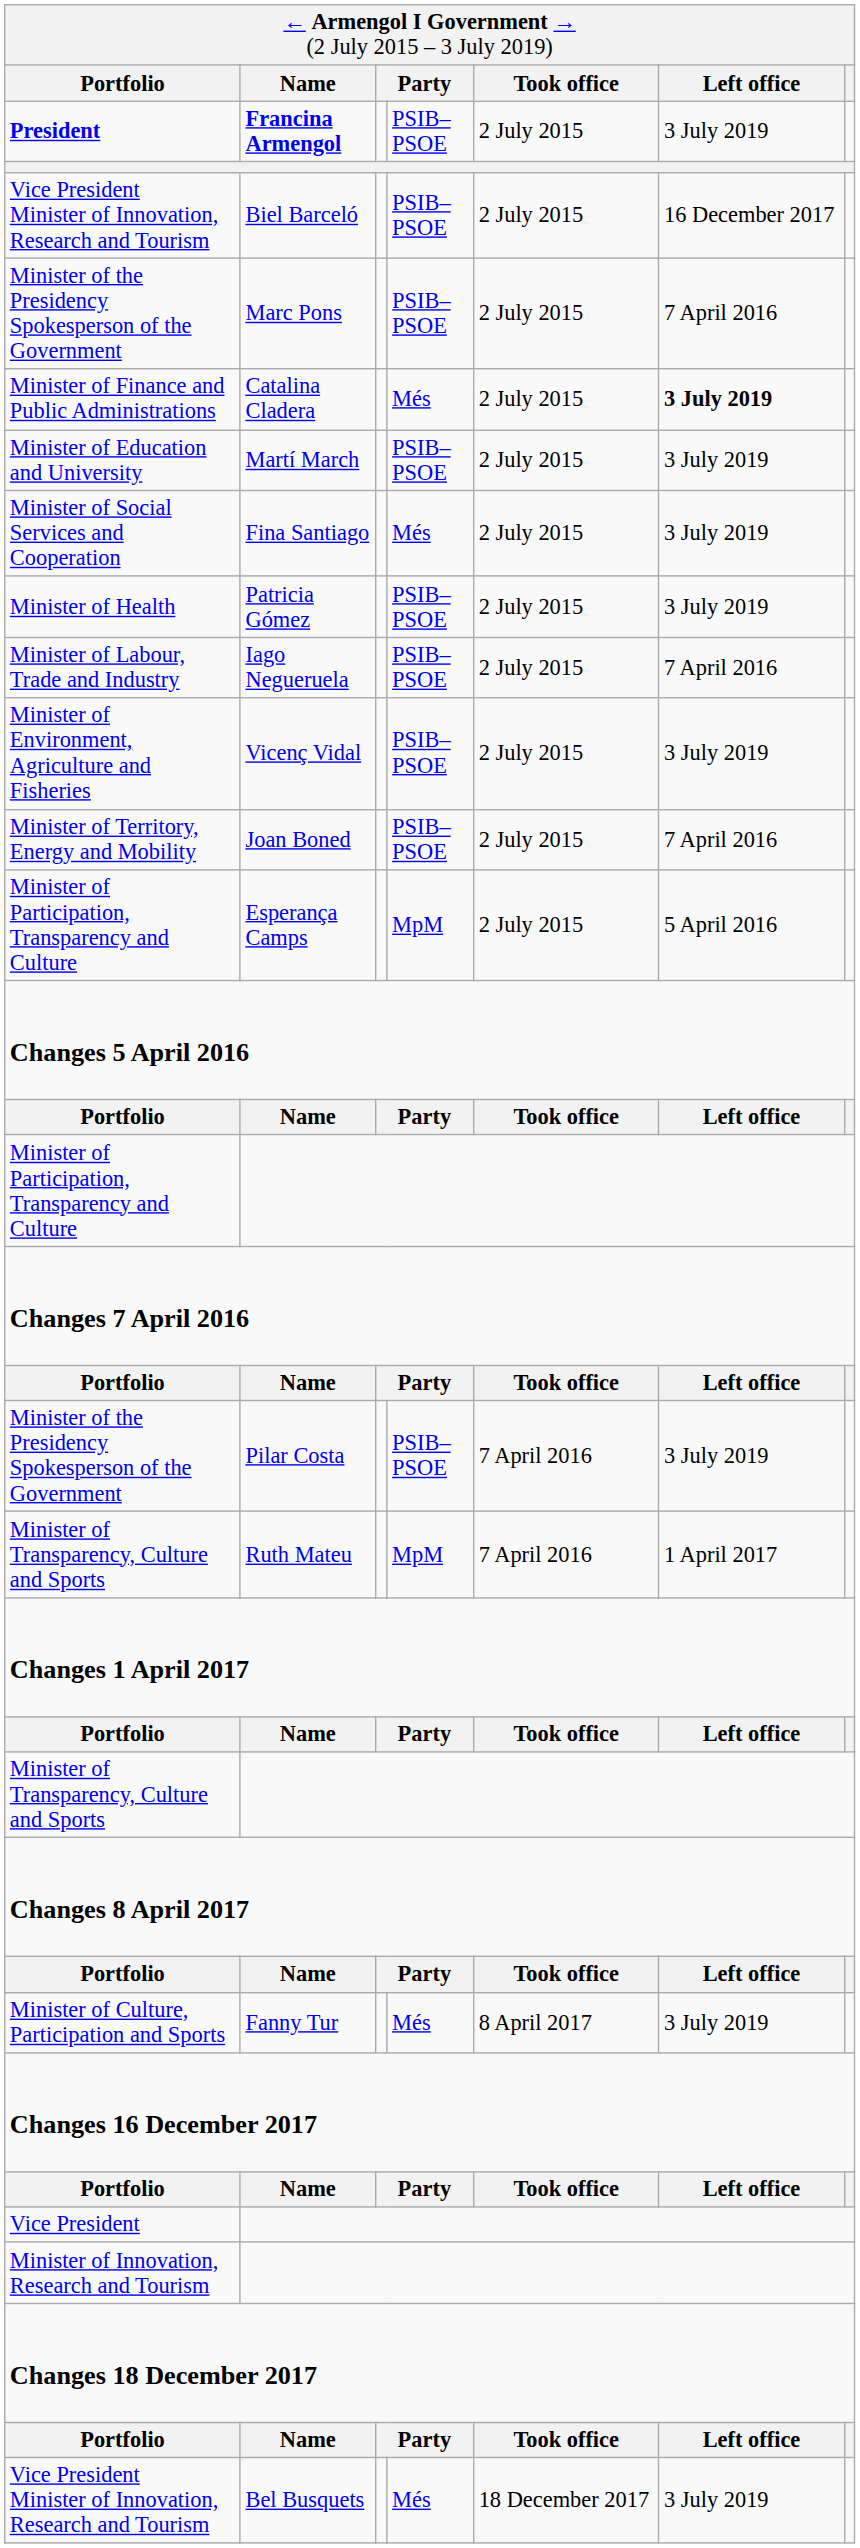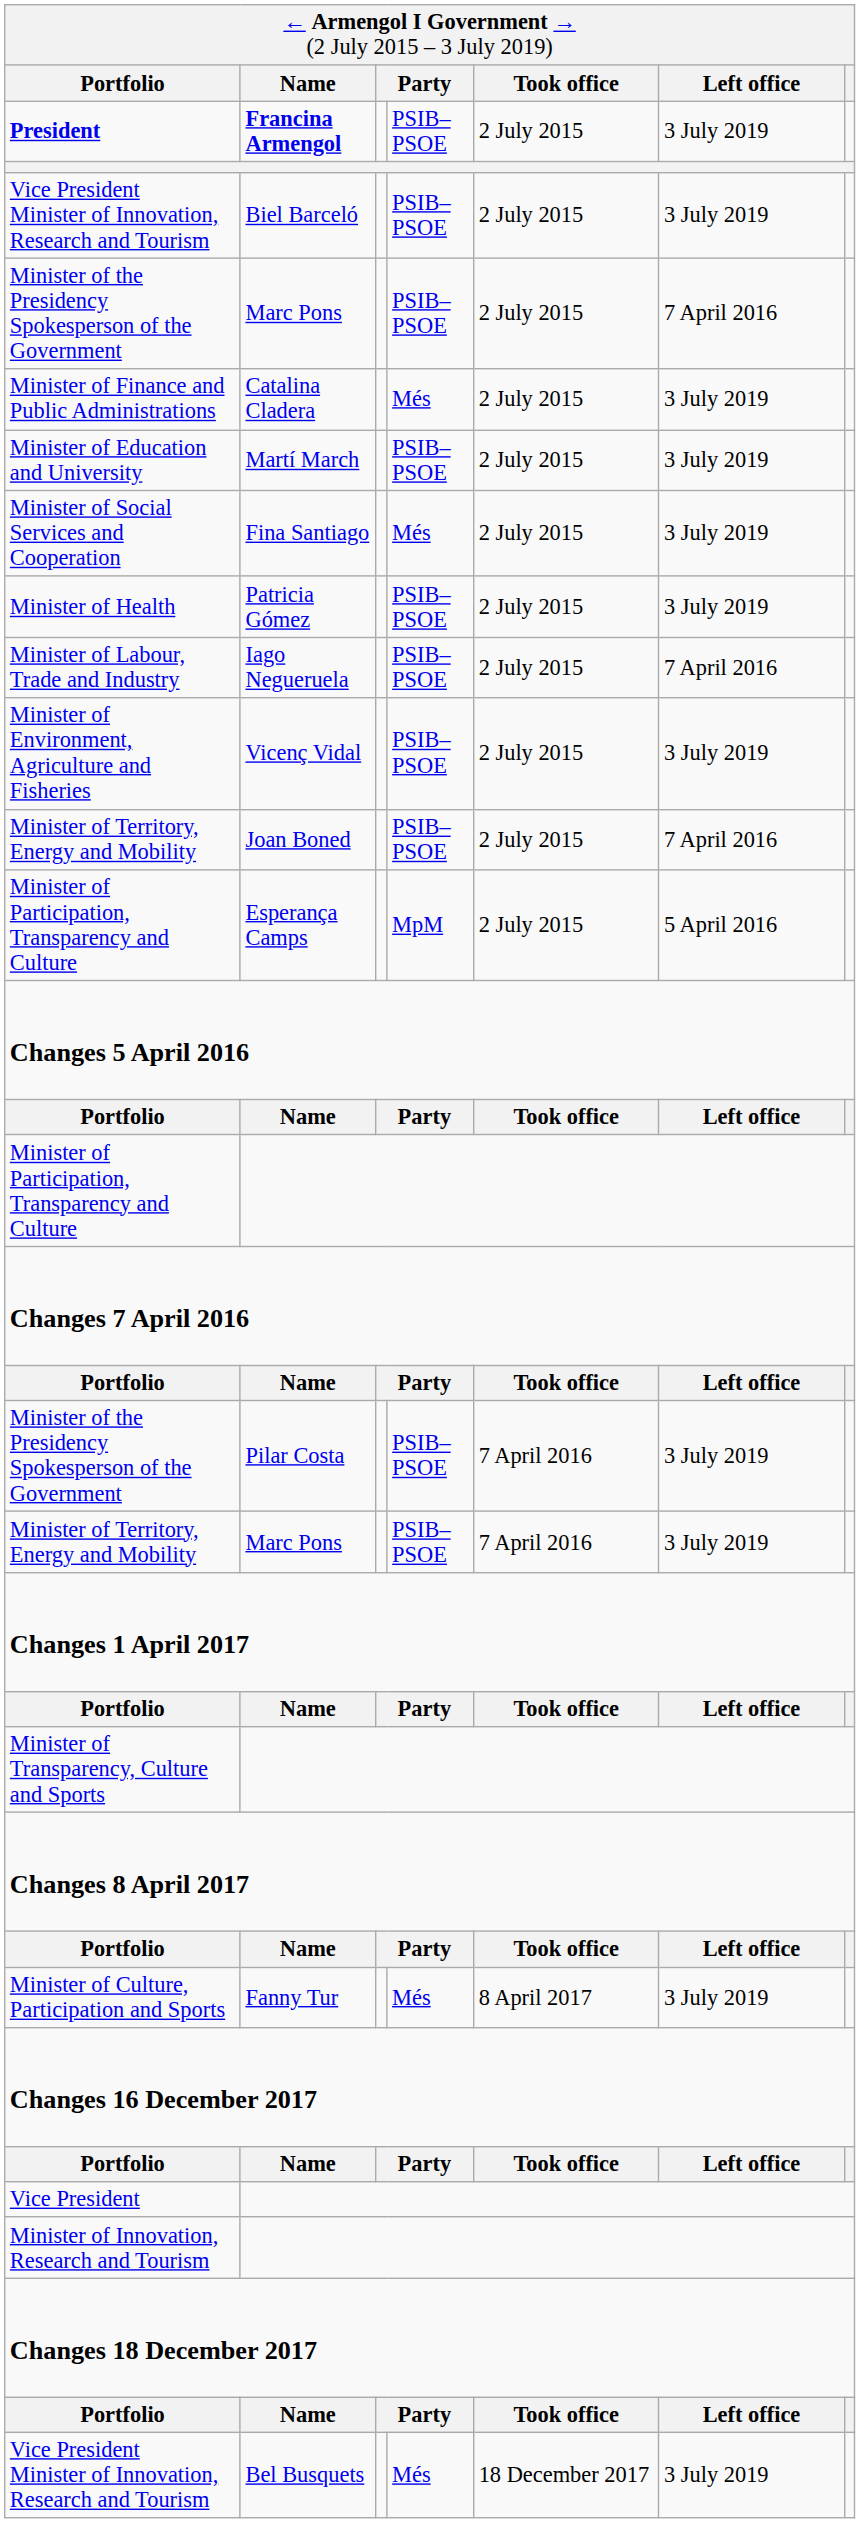 <table class="wikitable">
 <tr>
 <td colspan="7" bgcolor="#F2F2F2" align="center"><a href='#'>←</a> <strong>Armengol I Government</strong> <a href='#'>→</a><br>(2 July 2015 – 3 July 2019)</td>
 </tr>
 <tr>
 <th>Portfolio</th>
 <th>Name</th>
 <th width="100px" colspan="2">Party</th>
 <th width="125px">Took office</th>
 <th width="125px">Left office</th>
 <th></th>
 </tr>
 <tr>
 <td><strong><a href='#'>President</a></strong></td>
 <td><strong><a href='#'>Francina Armengol</a></strong></td>
 <td width="1" style="background-color:"></td>
 <td><a href='#'>PSIB–PSOE</a></td>
 <td>2 July 2015</td>
 <td>3 July 2019</td>
 <td align="center"></td>
 </tr>
 <tr>
 <th colspan="7"></th>
 </tr>
 <tr>
 <td><a href='#'>Vice President</a><br><a href='#'>Minister of Innovation, Research and Tourism</a></td>
 <td><a href='#'>Biel Barceló</a></td>
 <td style="background-color:"></td>
 <td><a href='#'>PSIB–PSOE</a></td>
 <td>2 July 2015</td>
-<td>16 December 2017</td>
+<td>3 July 2019</td>
 <td align="center"></td>
 </tr>
 <tr>
 <td><a href='#'>Minister of the Presidency</a><br><a href='#'>Spokesperson of the Government</a></td>
 <td><a href='#'>Marc Pons</a></td>
 <td style="background-color:"></td>
 <td><a href='#'>PSIB–PSOE</a></td>
 <td>2 July 2015</td>
 <td>7 April 2016</td>
 <td align="center"></td>
 </tr>
 <tr>
 <td><a href='#'>Minister of Finance and Public Administrations</a></td>
 <td><a href='#'>Catalina Cladera</a></td>
 <td style="background-color:"></td>
 <td><a href='#'>Més</a></td>
 <td>2 July 2015</td>
-<td><strong>3 July 2019</strong></td>
+<td>3 July 2019</td>
 <td align="center"></td>
 </tr>
 <tr>
 <td><a href='#'>Minister of Education and University</a></td>
 <td><a href='#'>Martí March</a></td>
 <td style="background-color:"></td>
 <td><a href='#'>PSIB–PSOE</a> </td>
 <td>2 July 2015</td>
 <td>3 July 2019</td>
 <td align="center"></td>
 </tr>
 <tr>
 <td><a href='#'>Minister of Social Services and Cooperation</a></td>
 <td><a href='#'>Fina Santiago</a></td>
 <td style="background-color:"></td>
 <td><a href='#'>Més</a></td>
 <td>2 July 2015</td>
 <td>3 July 2019</td>
 <td align="center"></td>
 </tr>
 <tr>
 <td><a href='#'>Minister of Health</a></td>
 <td><a href='#'>Patricia Gómez</a></td>
 <td style="background-color:"></td>
 <td><a href='#'>PSIB–PSOE</a></td>
 <td>2 July 2015</td>
 <td>3 July 2019</td>
 <td align="center"></td>
 </tr>
 <tr>
 <td><a href='#'>Minister of Labour, Trade and Industry</a></td>
 <td><a href='#'>Iago Negueruela</a></td>
 <td style="background-color:"></td>
 <td><a href='#'>PSIB–PSOE</a></td>
 <td>2 July 2015</td>
 <td>7 April 2016</td>
 <td align="center"></td>
 </tr>
 <tr>
 <td><a href='#'>Minister of Environment, Agriculture and Fisheries</a></td>
 <td><a href='#'>Vicenç Vidal</a></td>
 <td style="background-color:"></td>
 <td><a href='#'>PSIB–PSOE</a></td>
 <td>2 July 2015</td>
 <td>3 July 2019</td>
 <td align="center"></td>
 </tr>
 <tr>
 <td><a href='#'>Minister of Territory, Energy and Mobility</a></td>
 <td><a href='#'>Joan Boned</a></td>
 <td style="background-color:"></td>
 <td><a href='#'>PSIB–PSOE</a></td>
 <td>2 July 2015</td>
 <td>7 April 2016</td>
 <td align="center"></td>
 </tr>
 <tr>
 <td><a href='#'>Minister of Participation, Transparency and Culture</a></td>
 <td><a href='#'>Esperança Camps</a></td>
 <td style="background-color:"></td>
 <td><a href='#'>MpM</a> </td>
 <td>2 July 2015</td>
 <td>5 April 2016</td>
 <td align="center"></td>
 </tr>
 <tr>
 <td colspan="7"><br><h3>Changes 5 April 2016</h3></td>
 </tr>
 <tr>
 <th>Portfolio</th>
 <th>Name</th>
 <th colspan="2">Party</th>
 <th>Took office</th>
 <th>Left office</th>
 <th></th>
 </tr>
 <tr>
 <td><a href='#'>Minister of Participation, Transparency and Culture</a></td>
 <td colspan="6"></td>
 </tr>
 <tr>
 <td colspan="7"><br><h3>Changes 7 April 2016</h3></td>
 </tr>
 <tr>
 <th>Portfolio</th>
 <th>Name</th>
 <th colspan="2">Party</th>
 <th>Took office</th>
 <th>Left office</th>
 <th></th>
 </tr>
 <tr>
 <td><a href='#'>Minister of the Presidency</a><br><a href='#'>Spokesperson of the Government</a></td>
 <td><a href='#'>Pilar Costa</a></td>
 <td style="background-color:"></td>
 <td><a href='#'>PSIB–PSOE</a></td>
 <td>7 April 2016</td>
 <td>3 July 2019</td>
 <td align="center"></td>
 </tr>
 <tr>
-<td><a href='#'>Minister of Transparency, Culture and Sports</a></td>
-<td><a href='#'>Ruth Mateu</a></td>
+<td><a href='#'>Minister of Territory, Energy and Mobility</a></td>
+<td><a href='#'>Marc Pons</a></td>
 <td style="background-color:"></td>
-<td><a href='#'>MpM</a></td>
+<td><a href='#'>PSIB–PSOE</a></td>
 <td>7 April 2016</td>
-<td>1 April 2017</td>
+<td>3 July 2019</td>
 <td align="center"></td>
 </tr>
 <tr>
 <td colspan="7"><br><h3>Changes 1 April 2017</h3></td>
 </tr>
 <tr>
 <th>Portfolio</th>
 <th>Name</th>
 <th colspan="2">Party</th>
 <th>Took office</th>
 <th>Left office</th>
 <th></th>
 </tr>
 <tr>
 <td><a href='#'>Minister of Transparency, Culture and Sports</a></td>
 <td colspan="6"></td>
 </tr>
 <tr>
 <td colspan="7"><br><h3>Changes 8 April 2017</h3></td>
 </tr>
 <tr>
 <th>Portfolio</th>
 <th>Name</th>
 <th colspan="2">Party</th>
 <th>Took office</th>
 <th>Left office</th>
 <th></th>
 </tr>
 <tr>
 <td><a href='#'>Minister of Culture, Participation and Sports</a></td>
 <td><a href='#'>Fanny Tur</a></td>
 <td style="background-color:"></td>
 <td><a href='#'>Més</a> </td>
 <td>8 April 2017</td>
 <td>3 July 2019</td>
 <td align="center"></td>
 </tr>
 <tr>
 <td colspan="7"><br><h3>Changes 16 December 2017</h3></td>
 </tr>
 <tr>
 <th>Portfolio</th>
 <th>Name</th>
 <th colspan="2">Party</th>
 <th>Took office</th>
 <th>Left office</th>
 <th></th>
 </tr>
 <tr>
 <td><a href='#'>Vice President</a></td>
 <td colspan="6"></td>
 </tr>
 <tr>
 <td><a href='#'>Minister of Innovation, Research and Tourism</a></td>
 <td colspan="6"></td>
 </tr>
 <tr>
 <td colspan="7"><br><h3>Changes 18 December 2017</h3></td>
 </tr>
 <tr>
 <th>Portfolio</th>
 <th>Name</th>
 <th colspan="2">Party</th>
 <th>Took office</th>
 <th>Left office</th>
 <th></th>
 </tr>
 <tr>
 <td><a href='#'>Vice President</a><br><a href='#'>Minister of Innovation, Research and Tourism</a></td>
 <td><a href='#'>Bel Busquets</a></td>
 <td style="background-color:"></td>
 <td><a href='#'>Més</a></td>
 <td>18 December 2017</td>
 <td>3 July 2019</td>
 <td align="center"></td>
 </tr>
 </table>
